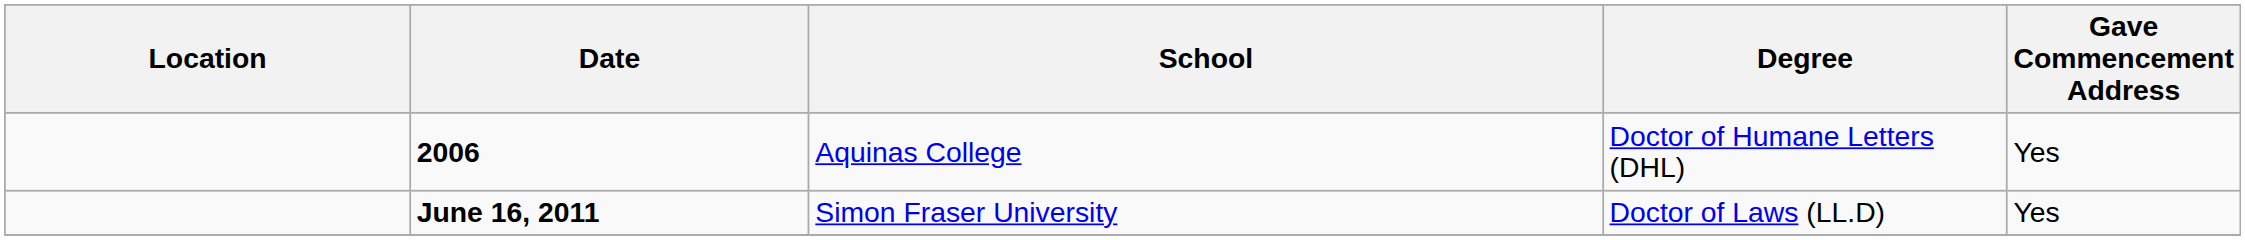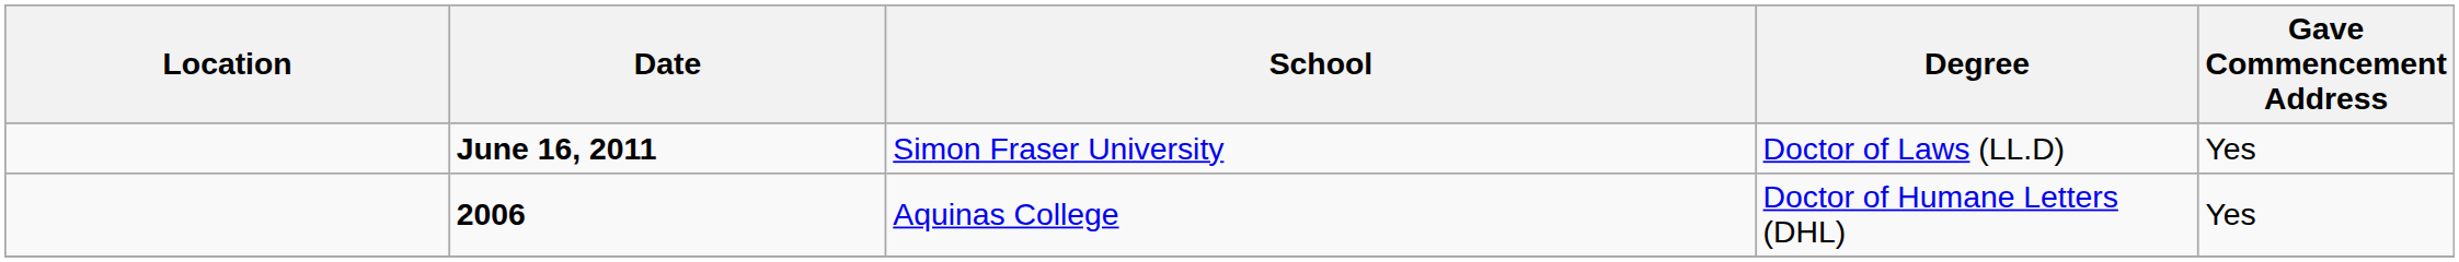 <table class="wikitable" style="width:100%;">
 <tr>
 <th style="width:20%;">Location</th>
 <th style="width:20%;">Date</th>
 <th style="width:40%;">School</th>
 <th style="width:20%;">Degree</th>
 <th style="width:20%;">Gave Commencement Address</th>
 </tr>
 <tr>
 <td></td>
+<td><strong>June 16, 2011</strong></td>
+<td><a href='#'>Simon Fraser University</a></td>
+<td><a href='#'>Doctor of Laws</a> (LL.D)</td>
+<td>Yes</td>
+</tr>
+<tr>
+<td></td>
 <td><strong>2006</strong></td>
 <td><a href='#'>Aquinas College</a></td>
 <td><a href='#'>Doctor of Humane Letters</a> (DHL)</td>
 <td>Yes</td>
 </tr>
 <tr>
-<td></td>
-<td><strong>June 16, 2011</strong></td>
-<td><a href='#'>Simon Fraser University</a></td>
-<td><a href='#'>Doctor of Laws</a> (LL.D)</td>
-<td>Yes</td>
-</tr>
-<tr>
 </tr>
 </table>
